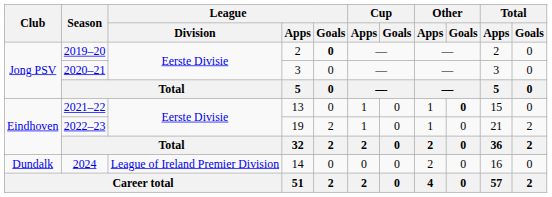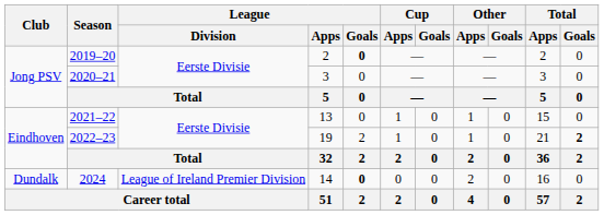 <table class=wikitable style=text-align:center>
 <tr>
 <th rowspan=2>Club</th>
 <th rowspan=2>Season</th>
 <th colspan=3>League</th>
 <th colspan=2>Cup</th>
 <th colspan=2>Other</th>
 <th colspan=2>Total</th>
 </tr>
 <tr>
 <th>Division</th>
 <th>Apps</th>
 <th>Goals</th>
 <th>Apps</th>
 <th>Goals</th>
 <th>Apps</th>
 <th>Goals</th>
 <th>Apps</th>
 <th>Goals</th>
 </tr>
 <tr>
 <td rowspan="3"><a href='#'>Jong PSV</a></td>
 <td><a href='#'>2019–20</a></td>
 <td rowspan="2"><a href='#'>Eerste Divisie</a></td>
 <td>2</td>
 <td><strong>0</strong></td>
 <td colspan="2">—</td>
 <td colspan="2">—</td>
 <td>2</td>
 <td>0</td>
 </tr>
 <tr>
 <td><a href='#'>2020–21</a></td>
 <td>3</td>
 <td>0</td>
 <td colspan="2">—</td>
 <td colspan="2">—</td>
 <td>3</td>
 <td>0</td>
 </tr>
 <tr>
 <th colspan="2">Total</th>
 <th>5</th>
 <th>0</th>
 <th colspan="2">—</th>
 <th colspan="2">—</th>
 <th>5</th>
 <th>0</th>
 </tr>
 <tr>
 <td rowspan="3"><a href='#'>Eindhoven</a></td>
 <td><a href='#'>2021–22</a></td>
 <td rowspan="2"><a href='#'>Eerste Divisie</a></td>
 <td>13</td>
 <td>0</td>
 <td>1</td>
 <td>0</td>
 <td>1</td>
-<td><strong>0</strong></td>
+<td>0</td>
 <td>15</td>
 <td>0</td>
 </tr>
 <tr>
 <td><a href='#'>2022–23</a></td>
 <td>19</td>
 <td>2</td>
 <td>1</td>
 <td>0</td>
 <td>1</td>
 <td>0</td>
 <td>21</td>
-<td>2</td>
+<td><strong>2</strong></td>
 </tr>
 <tr>
 <th colspan="2">Total</th>
 <th>32</th>
 <th>2</th>
 <th>2</th>
 <th>0</th>
 <th>2</th>
 <th>0</th>
 <th>36</th>
 <th>2</th>
 </tr>
 <tr>
 <td><a href='#'>Dundalk</a></td>
 <td><a href='#'>2024</a></td>
 <td><a href='#'>League of Ireland Premier Division</a></td>
 <td>14</td>
-<td>0</td>
+<td><strong>0</strong></td>
 <td>0</td>
 <td>0</td>
 <td>2</td>
 <td>0</td>
 <td>16</td>
 <td>0</td>
 </tr>
 <tr>
 <th colspan="3">Career total</th>
 <th>51</th>
 <th>2</th>
 <th>2</th>
 <th>0</th>
 <th>4</th>
 <th>0</th>
 <th>57</th>
 <th>2</th>
 </tr>
 </table>
